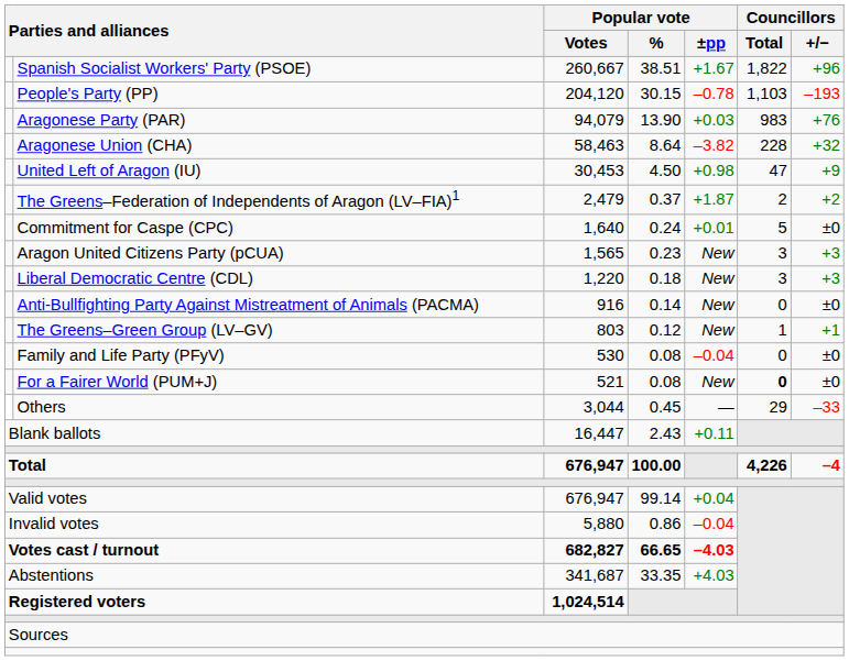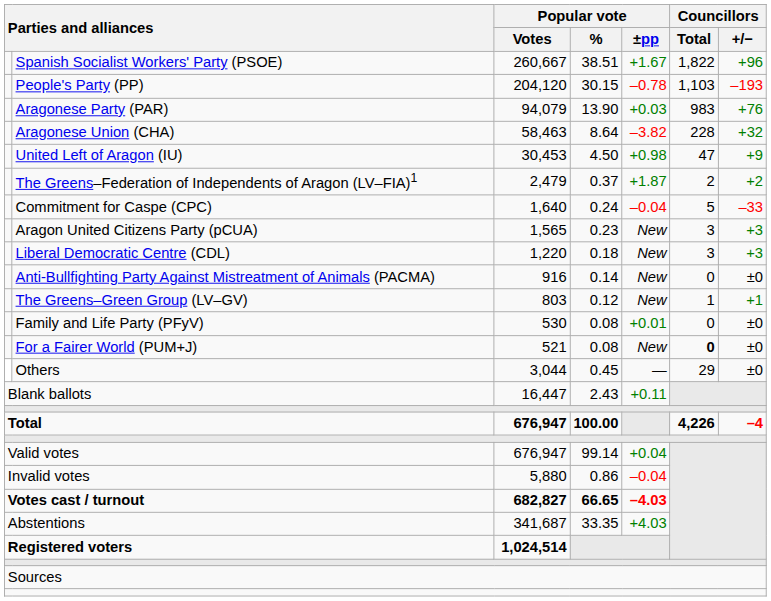 <table class="wikitable" style="text-align:right;">
 <tr>
 <th style="text-align:left;" rowspan="2" colspan="2" width="525">Parties and alliances</th>
 <th colspan="3">Popular vote</th>
 <th colspan="2">Councillors</th>
 </tr>
 <tr>
 <th width="75">Votes</th>
 <th width="45">%</th>
 <th width="45">±<a href='#'>pp</a></th>
 <th width="45">Total</th>
 <th width="45">+/−</th>
 </tr>
 <tr>
 <td width="1" style="color:inherit;background:"></td>
 <td align="left"><a href='#'>Spanish Socialist Workers' Party</a> (PSOE)</td>
 <td>260,667</td>
 <td>38.51</td>
 <td style="color:green;">+1.67</td>
 <td>1,822</td>
 <td style="color:green;">+96</td>
 </tr>
 <tr>
 <td style="color:inherit;background:"></td>
 <td align="left"><a href='#'>People's Party</a> (PP)</td>
 <td>204,120</td>
 <td>30.15</td>
 <td style="color:red;">–0.78</td>
 <td>1,103</td>
 <td style="color:red;">–193</td>
 </tr>
 <tr>
 <td style="color:inherit;background:"></td>
 <td align="left"><a href='#'>Aragonese Party</a> (PAR)</td>
 <td>94,079</td>
 <td>13.90</td>
 <td style="color:green;">+0.03</td>
 <td>983</td>
 <td style="color:green;">+76</td>
 </tr>
 <tr>
 <td style="color:inherit;background:"></td>
 <td align="left"><a href='#'>Aragonese Union</a> (CHA)</td>
 <td>58,463</td>
 <td>8.64</td>
 <td style="color:red;">–3.82</td>
 <td>228</td>
 <td style="color:green;">+32</td>
 </tr>
 <tr>
 <td style="color:inherit;background:"></td>
 <td align="left"><a href='#'>United Left of Aragon</a> (IU)</td>
 <td>30,453</td>
 <td>4.50</td>
 <td style="color:green;">+0.98</td>
 <td>47</td>
 <td style="color:green;">+9</td>
 </tr>
 <tr>
 <td style="color:inherit;background:"></td>
 <td align="left"><a href='#'>The Greens</a>–Federation of Independents of Aragon (LV–FIA)<sup>1</sup></td>
 <td>2,479</td>
 <td>0.37</td>
 <td style="color:green;">+1.87</td>
 <td>2</td>
 <td style="color:green;">+2</td>
 </tr>
 <tr>
 <td style="color:inherit;background:"></td>
 <td align="left">Commitment for Caspe (CPC)</td>
 <td>1,640</td>
 <td>0.24</td>
-<td style="color:green;">+0.01</td>
+<td style="color:red;">–0.04</td>
 <td>5</td>
-<td>±0</td>
+<td style="color:red;">–33</td>
 </tr>
 <tr>
 <td style="color:inherit;background:"></td>
 <td align="left">Aragon United Citizens Party (pCUA)</td>
 <td>1,565</td>
 <td>0.23</td>
 <td><em>New</em></td>
 <td>3</td>
 <td style="color:green;">+3</td>
 </tr>
 <tr>
 <td style="color:inherit;background:"></td>
 <td align="left"><a href='#'>Liberal Democratic Centre</a> (CDL)</td>
 <td>1,220</td>
 <td>0.18</td>
 <td><em>New</em></td>
 <td>3</td>
 <td style="color:green;">+3</td>
 </tr>
 <tr>
 <td style="color:inherit;background:"></td>
 <td align="left"><a href='#'>Anti-Bullfighting Party Against Mistreatment of Animals</a> (PACMA)</td>
 <td>916</td>
 <td>0.14</td>
 <td><em>New</em></td>
 <td>0</td>
 <td>±0</td>
 </tr>
 <tr>
 <td style="color:inherit;background:"></td>
 <td align="left"><a href='#'>The Greens–Green Group</a> (LV–GV)</td>
 <td>803</td>
 <td>0.12</td>
 <td><em>New</em></td>
 <td>1</td>
 <td style="color:green;">+1</td>
 </tr>
 <tr>
 <td style="color:inherit;background:"></td>
 <td align="left">Family and Life Party (PFyV)</td>
 <td>530</td>
 <td>0.08</td>
-<td style="color:red;">–0.04</td>
+<td style="color:green;">+0.01</td>
 <td>0</td>
 <td>±0</td>
 </tr>
 <tr>
 <td style="color:inherit;background:"></td>
 <td align="left"><a href='#'>For a Fairer World</a> (PUM+J)</td>
 <td>521</td>
 <td>0.08</td>
 <td><em>New</em></td>
 <td><strong>0</strong></td>
 <td>±0</td>
 </tr>
 <tr>
 <td bgcolor="white"></td>
 <td align="left">Others</td>
 <td>3,044</td>
 <td>0.45</td>
 <td>—</td>
 <td>29</td>
-<td style="color:red;">–33</td>
+<td>±0</td>
 </tr>
 <tr>
 <td align="left" colspan="2">Blank ballots</td>
 <td>16,447</td>
 <td>2.43</td>
 <td style="color:green;">+0.11</td>
 <td bgcolor="#E9E9E9" colspan="2"></td>
 </tr>
 <tr>
 <td colspan="7" bgcolor="#E9E9E9"></td>
 </tr>
 <tr style="font-weight:bold;">
 <td align="left" colspan="2">Total</td>
 <td>676,947</td>
 <td>100.00</td>
 <td bgcolor="#E9E9E9"></td>
 <td>4,226</td>
 <td style="color:red;">–4</td>
 </tr>
 <tr>
 <td colspan="7" bgcolor="#E9E9E9"></td>
 </tr>
 <tr>
 <td align="left" colspan="2">Valid votes</td>
 <td>676,947</td>
 <td>99.14</td>
 <td style="color:green;">+0.04</td>
 <td bgcolor="#E9E9E9" colspan="2" rowspan="5"></td>
 </tr>
 <tr>
 <td align="left" colspan="2">Invalid votes</td>
 <td>5,880</td>
 <td>0.86</td>
 <td style="color:red;">–0.04</td>
 </tr>
 <tr style="font-weight:bold;">
 <td align="left" colspan="2">Votes cast / turnout</td>
 <td>682,827</td>
 <td>66.65</td>
 <td style="color:red;">–4.03</td>
 </tr>
 <tr>
 <td align="left" colspan="2">Abstentions</td>
 <td>341,687</td>
 <td>33.35</td>
 <td style="color:green;">+4.03</td>
 </tr>
 <tr style="font-weight:bold;">
 <td align="left" colspan="2">Registered voters</td>
 <td>1,024,514</td>
 <td bgcolor="#E9E9E9" colspan="2"></td>
 </tr>
 <tr>
 <td colspan="7" bgcolor="#E9E9E9"></td>
 </tr>
 <tr>
 <td align="left" colspan="7">Sources</td>
 </tr>
 <tr>
 <td colspan="7" style="text-align:left; max-width:790px;"></td>
 </tr>
 </table>
